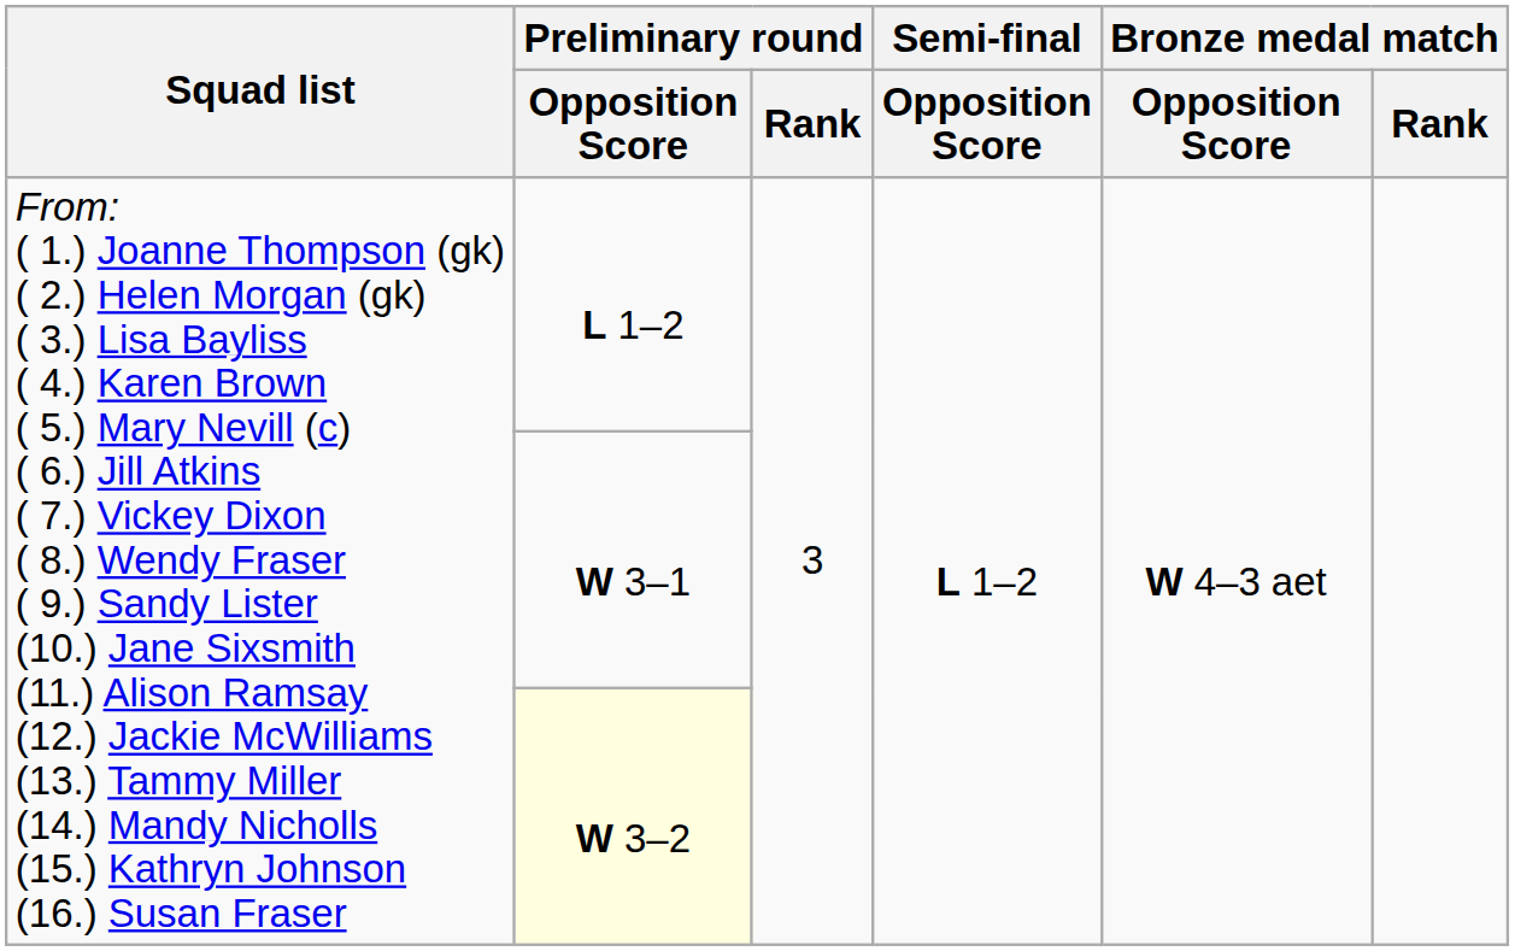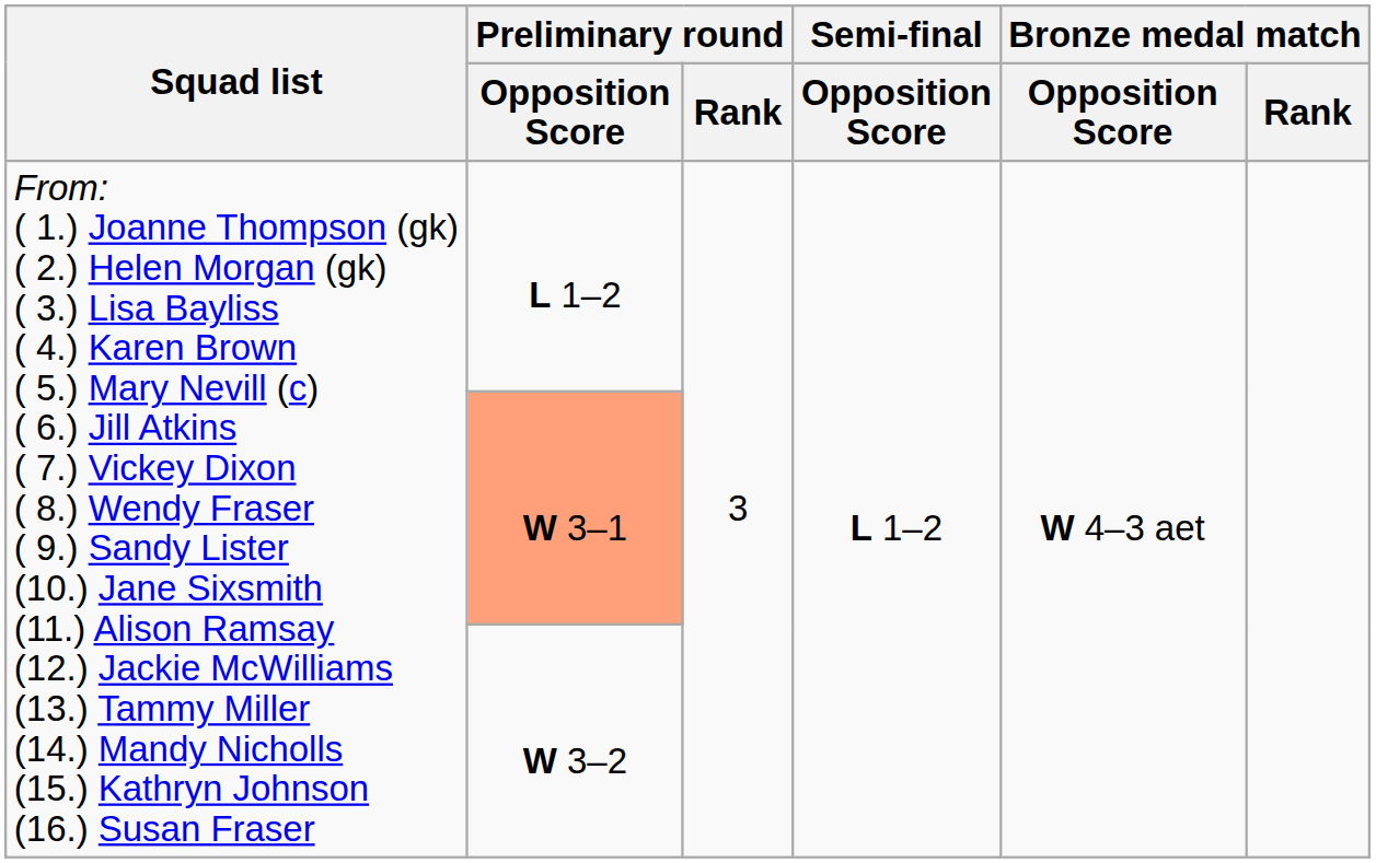 <table class=wikitable style="font-size:90%">
 <tr>
 <th rowspan="2">Squad list</th>
 <th colspan="2">Preliminary round</th>
 <th>Semi-final</th>
 <th colspan="2">Bronze medal match</th>
 </tr>
 <tr>
 <th>Opposition<br>Score</th>
 <th>Rank</th>
 <th>Opposition<br>Score</th>
 <th>Opposition<br>Score</th>
 <th>Rank</th>
 </tr>
 <tr>
 <td rowspan="3"><em>From:</em><br>( 1.) <a href='#'>Joanne Thompson</a> (gk)<br>( 2.) <a href='#'>Helen Morgan</a> (gk)<br>( 3.) <a href='#'>Lisa Bayliss</a><br>( 4.) <a href='#'>Karen Brown</a> <br>( 5.) <a href='#'>Mary Nevill</a> (<a href='#'>c</a>) <br>( 6.) <a href='#'>Jill Atkins</a><br>( 7.) <a href='#'>Vickey Dixon</a><br>( 8.) <a href='#'>Wendy Fraser</a><br>( 9.) <a href='#'>Sandy Lister</a><br>(10.) <a href='#'>Jane Sixsmith</a><br>(11.) <a href='#'>Alison Ramsay</a><br>(12.) <a href='#'>Jackie McWilliams</a><br>(13.) <a href='#'>Tammy Miller</a><br>(14.) <a href='#'>Mandy Nicholls</a><br>(15.) <a href='#'>Kathryn Johnson</a><br>(16.) <a href='#'>Susan Fraser</a></td>
 <td style="text-align:center;"><br><strong>L</strong> 1–2</td>
 <td style="text-align:center;" rowspan="3">3</td>
 <td style="text-align:center;" rowspan="3"><br><strong>L</strong> 1–2</td>
 <td style="text-align:center;" rowspan="3"><br><strong>W</strong> 4–3 aet</td>
 <td style="text-align:center;" rowspan="3"></td>
 </tr>
 <tr>
-<td style="text-align:center;"><br><strong>W</strong> 3–1</td>
+<td style="background: lightsalmon; text-align:center;"><br><strong>W</strong> 3–1</td>
 </tr>
 <tr>
-<td style="background: lightyellow; text-align:center;"><br><strong>W</strong> 3–2</td>
+<td style="text-align:center;"><br><strong>W</strong> 3–2</td>
 </tr>
 </table>
